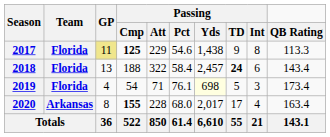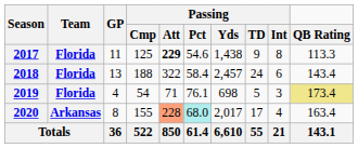 <table class="wikitable" style="text-align:center;">
 <tr>
 <th rowspan="2">Season</th>
 <th rowspan="2">Team</th>
 <th rowspan="2">GP</th>
 <th colspan="6">Passing</th>
 </tr>
 <tr>
 <th>Cmp</th>
 <th>Att</th>
 <th>Pct</th>
 <th>Yds</th>
 <th>TD</th>
 <th>Int</th>
 <th>QB Rating</th>
 </tr>
 <tr>
 <th><a href='#'>2017</a></th>
 <th><a href='#'>Florida</a></th>
-<td style="background: khaki;">11</td>
-<td><strong>125</strong></td>
-<td>229</td>
+<td>11</td>
+<td>125</td>
+<td><strong>229</strong></td>
 <td>54.6</td>
 <td>1,438</td>
 <td>9</td>
 <td>8</td>
 <td>113.3</td>
 </tr>
 <tr>
 <th><a href='#'>2018</a></th>
 <th><a href='#'>Florida</a></th>
 <td>13</td>
 <td>188</td>
 <td>322</td>
 <td>58.4</td>
 <td>2,457</td>
-<td><strong>24</strong></td>
+<td>24</td>
 <td>6</td>
 <td>143.4</td>
 </tr>
 <tr>
 <th><a href='#'>2019</a></th>
 <th><a href='#'>Florida</a></th>
 <td>4</td>
 <td>54</td>
 <td>71</td>
 <td>76.1</td>
-<td style="background: lightyellow;">698</td>
+<td>698</td>
 <td>5</td>
 <td>3</td>
-<td>173.4</td>
+<td style="background: khaki;">173.4</td>
 </tr>
 <tr>
 <th><a href='#'>2020</a></th>
 <th><a href='#'>Arkansas</a></th>
 <td>8</td>
-<td><strong>155</strong></td>
-<td>228</td>
-<td>68.0</td>
+<td>155</td>
+<td style="background: lightsalmon;">228</td>
+<td style="background: paleturquoise;">68.0</td>
 <td>2,017</td>
 <td>17</td>
 <td>4</td>
 <td>163.4</td>
 </tr>
 <tr>
 <th colspan="2">Totals</th>
 <th>36</th>
 <th>522</th>
 <th>850</th>
 <th>61.4</th>
 <th>6,610</th>
 <th>55</th>
 <th>21</th>
 <th>143.1</th>
 </tr>
 </table>
